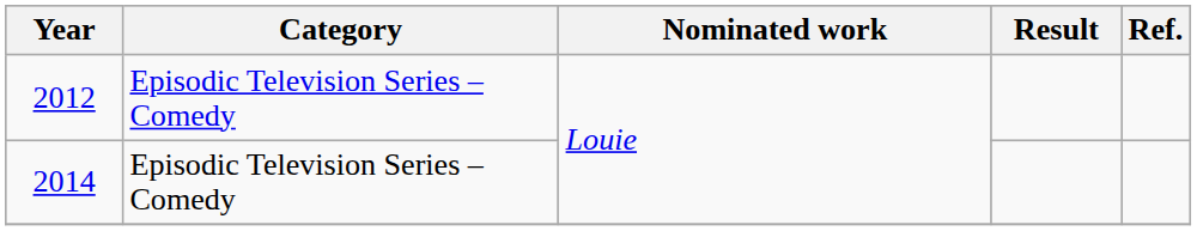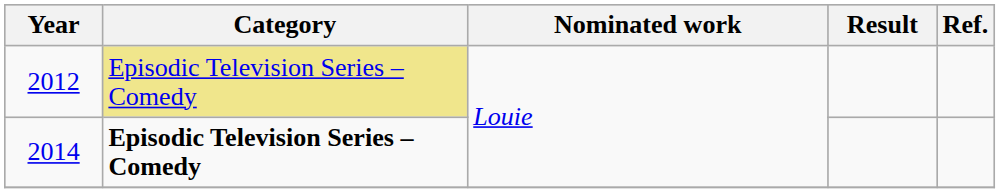 <table class=wikitable>
 <tr>
 <th scope="col" style="width:5em;">Year</th>
 <th scope="col" style="width:26em;">Category</th>
 <th scope="col" style="width:25em;">Nominated work</th>
 <th scope="col" style="width:5em;">Result</th>
 <th>Ref.</th>
 </tr>
 <tr>
 <td style="text-align:center;"><a href='#'>2012</a></td>
-<td><a href='#'>Episodic Television Series – Comedy</a></td>
+<td style="background: khaki;"><a href='#'>Episodic Television Series – Comedy</a></td>
 <td rowspan=2><em><a href='#'>Louie</a></em></td>
 <td></td>
 <td style="text-align: center;"></td>
 </tr>
 <tr>
 <td style="text-align:center;"><a href='#'>2014</a></td>
-<td>Episodic Television Series – Comedy</td>
+<td><strong>Episodic Television Series – Comedy</strong></td>
 <td></td>
 <td style="text-align: center;"></td>
 </tr>
 <tr>
 </tr>
 </table>
